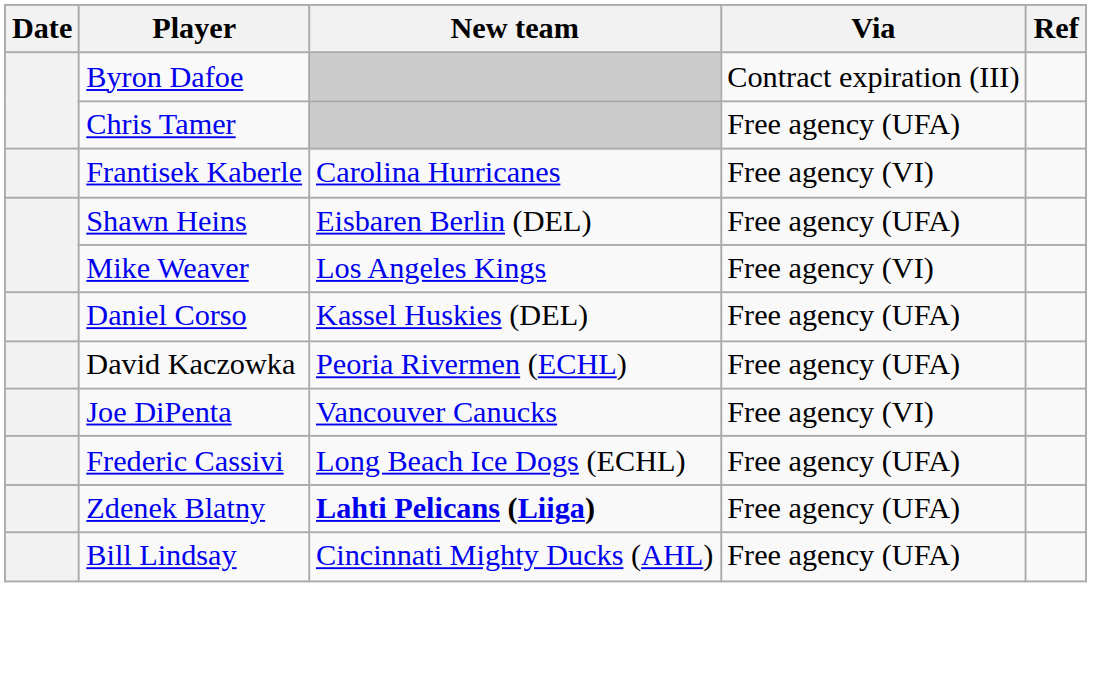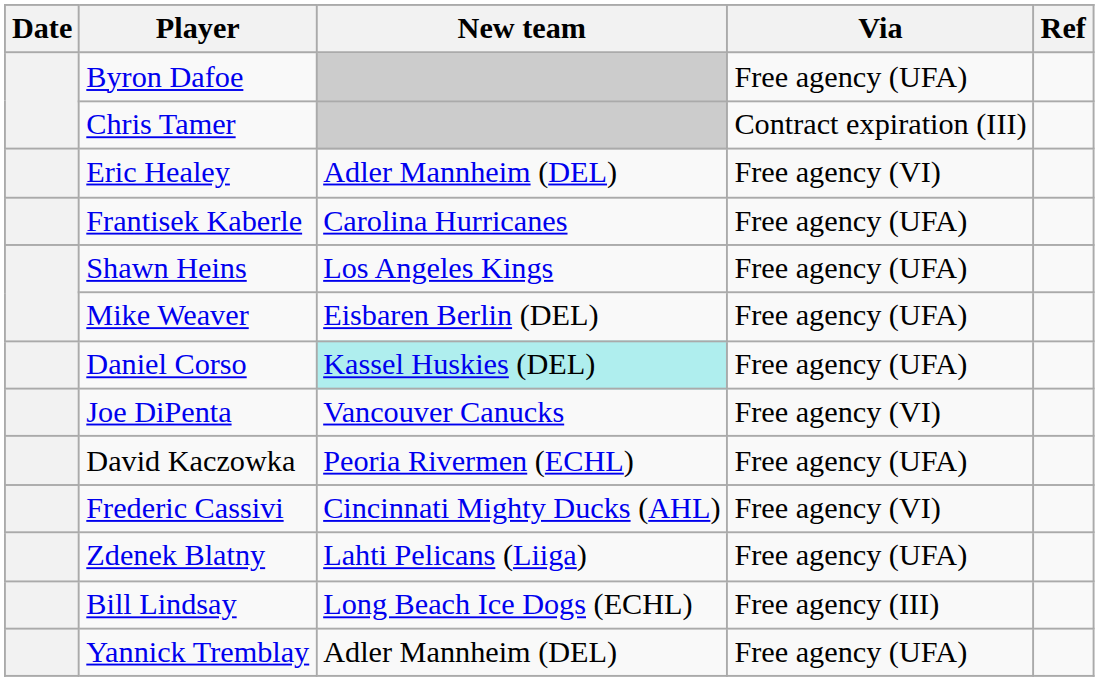 <table class="wikitable plainrowheaders">
 <tr style="background:#ddd; text-align:center;">
 <th>Date</th>
 <th>Player</th>
 <th>New team</th>
 <th>Via</th>
 <th>Ref</th>
 </tr>
 <tr>
 <th scope="row" rowspan=2></th>
 <td><a href='#'>Byron Dafoe</a></td>
 <td style="background:#ccc"></td>
-<td>Contract expiration (III)</td>
+<td>Free agency (UFA)</td>
 <td></td>
 </tr>
 <tr>
 <td><a href='#'>Chris Tamer</a></td>
 <td style="background:#ccc"></td>
-<td>Free agency (UFA)</td>
+<td>Contract expiration (III)</td>
+<td></td>
+</tr>
+<tr>
+<th scope="row"></th>
+<td><a href='#'>Eric Healey</a></td>
+<td><a href='#'>Adler Mannheim</a> (<a href='#'>DEL</a>)</td>
+<td>Free agency (VI)</td>
 <td></td>
 </tr>
 <tr>
 <th scope="row"></th>
 <td><a href='#'>Frantisek Kaberle</a></td>
 <td><a href='#'>Carolina Hurricanes</a></td>
-<td>Free agency (VI)</td>
+<td>Free agency (UFA)</td>
 <td></td>
 </tr>
 <tr>
 <th scope="row" rowspan=2></th>
 <td><a href='#'>Shawn Heins</a></td>
+<td><a href='#'>Los Angeles Kings</a></td>
+<td>Free agency (UFA)</td>
+<td></td>
+</tr>
+<tr>
+<td><a href='#'>Mike Weaver</a></td>
 <td><a href='#'>Eisbaren Berlin</a> (DEL)</td>
 <td>Free agency (UFA)</td>
 <td></td>
 </tr>
 <tr>
-<td><a href='#'>Mike Weaver</a></td>
-<td><a href='#'>Los Angeles Kings</a></td>
-<td>Free agency (VI)</td>
-<td></td>
-</tr>
-<tr>
 <th scope="row"></th>
 <td><a href='#'>Daniel Corso</a></td>
-<td><a href='#'>Kassel Huskies</a> (DEL)</td>
-<td>Free agency (UFA)</td>
-<td></td>
-</tr>
-<tr>
-<th scope="row"></th>
-<td>David Kaczowka</td>
-<td><a href='#'>Peoria Rivermen</a> (<a href='#'>ECHL</a>)</td>
+<td style="background: paleturquoise;"><a href='#'>Kassel Huskies</a> (DEL)</td>
 <td>Free agency (UFA)</td>
 <td></td>
 </tr>
 <tr>
 <th scope="row"></th>
 <td><a href='#'>Joe DiPenta</a></td>
 <td><a href='#'>Vancouver Canucks</a></td>
 <td>Free agency (VI)</td>
 <td></td>
 </tr>
 <tr>
 <th scope="row"></th>
-<td><a href='#'>Frederic Cassivi</a></td>
-<td><a href='#'>Long Beach Ice Dogs</a> (ECHL)</td>
+<td>David Kaczowka</td>
+<td><a href='#'>Peoria Rivermen</a> (<a href='#'>ECHL</a>)</td>
 <td>Free agency (UFA)</td>
 <td></td>
 </tr>
 <tr>
 <th scope="row"></th>
+<td><a href='#'>Frederic Cassivi</a></td>
+<td><a href='#'>Cincinnati Mighty Ducks</a> (<a href='#'>AHL</a>)</td>
+<td>Free agency (VI)</td>
+<td></td>
+</tr>
+<tr>
+<th scope="row"></th>
 <td><a href='#'>Zdenek Blatny</a></td>
-<td><strong><a href='#'>Lahti Pelicans</a> (<a href='#'>Liiga</a>)</strong></td>
+<td><a href='#'>Lahti Pelicans</a> (<a href='#'>Liiga</a>)</td>
 <td>Free agency (UFA)</td>
 <td></td>
 </tr>
 <tr>
 <th scope="row"></th>
 <td><a href='#'>Bill Lindsay</a></td>
-<td><a href='#'>Cincinnati Mighty Ducks</a> (<a href='#'>AHL</a>)</td>
+<td><a href='#'>Long Beach Ice Dogs</a> (ECHL)</td>
+<td>Free agency (III)</td>
+<td></td>
+</tr>
+<tr>
+<th scope="row"></th>
+<td><a href='#'>Yannick Tremblay</a></td>
+<td>Adler Mannheim (DEL)</td>
 <td>Free agency (UFA)</td>
 <td></td>
 </tr>
 </table>
